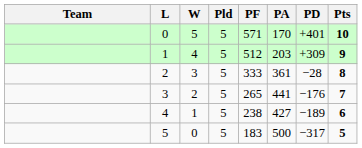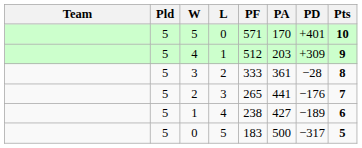 <table class="wikitable" style="text-align:center;">
 <tr>
 <th width=180>Team</th>
+<th width=30>Pld</th>
+<th width=30>W</th>
 <th width=30>L</th>
-<th width=30>W</th>
-<th width=30>Pld</th>
 <th width=30>PF</th>
 <th width=30>PA</th>
 <th width=30>PD</th>
 <th width=30>Pts</th>
 </tr>
 <tr align=center bgcolor='#ccffcc'>
 <td align=left></td>
-<td>0</td>
 <td>5</td>
 <td>5</td>
+<td>0</td>
 <td>571</td>
 <td>170</td>
 <td>+401</td>
 <td><strong>10</strong></td>
 </tr>
 <tr align=center bgcolor='#ccffcc'>
 <td align=left></td>
+<td>5</td>
+<td>4</td>
 <td>1</td>
-<td>4</td>
-<td>5</td>
 <td>512</td>
 <td>203</td>
 <td>+309</td>
 <td><strong>9</strong></td>
 </tr>
 <tr align=center>
 <td align=left></td>
+<td>5</td>
+<td>3</td>
 <td>2</td>
-<td>3</td>
-<td>5</td>
 <td>333</td>
 <td>361</td>
 <td>−28</td>
 <td><strong>8</strong></td>
 </tr>
 <tr align=center>
 <td align=left></td>
+<td>5</td>
+<td>2</td>
 <td>3</td>
-<td>2</td>
-<td>5</td>
 <td>265</td>
 <td>441</td>
 <td>−176</td>
 <td><strong>7</strong></td>
 </tr>
 <tr align=center>
 <td align=left></td>
+<td>5</td>
+<td>1</td>
 <td>4</td>
-<td>1</td>
-<td>5</td>
 <td>238</td>
 <td>427</td>
 <td>−189</td>
 <td><strong>6</strong></td>
 </tr>
 <tr align=center>
 <td align=left></td>
 <td>5</td>
 <td>0</td>
 <td>5</td>
 <td>183</td>
 <td>500</td>
 <td>−317</td>
 <td><strong>5</strong></td>
 </tr>
 </table>
